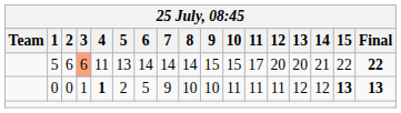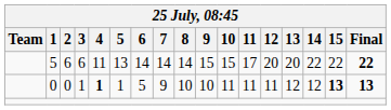 <table class=wikitable style="text-align:center; width: 55%">
 <tr>
 <th colspan=17><em>25 July, 08:45</em></th>
 </tr>
 <tr>
 <th>Team</th>
 <th>1</th>
 <th>2</th>
 <th>3</th>
 <th>4</th>
 <th>5</th>
 <th>6</th>
 <th>7</th>
 <th>8</th>
 <th>9</th>
 <th>10</th>
 <th>11</th>
 <th>12</th>
 <th>13</th>
 <th>14</th>
 <th>15</th>
 <th>Final</th>
 </tr>
 <tr>
 <td align=left><strong></strong></td>
 <td>5</td>
 <td>6</td>
-<td style="background: lightsalmon;">6</td>
+<td>6</td>
 <td>11</td>
 <td>13</td>
 <td>14</td>
 <td>14</td>
 <td>14</td>
 <td>15</td>
 <td>15</td>
 <td>17</td>
 <td>20</td>
 <td>20</td>
-<td>21</td>
+<td>22</td>
 <td>22</td>
 <td><strong>22</strong></td>
 </tr>
 <tr>
 <td align=left></td>
 <td>0</td>
 <td>0</td>
 <td>1</td>
 <td><strong>1</strong></td>
-<td>2</td>
+<td>1</td>
 <td>5</td>
 <td>9</td>
 <td>10</td>
 <td>10</td>
 <td>11</td>
 <td>11</td>
 <td>11</td>
 <td>12</td>
 <td>12</td>
 <td><strong>13</strong></td>
 <td><strong>13</strong></td>
 </tr>
 <tr>
 <td colspan=17></td>
 </tr>
 </table>
